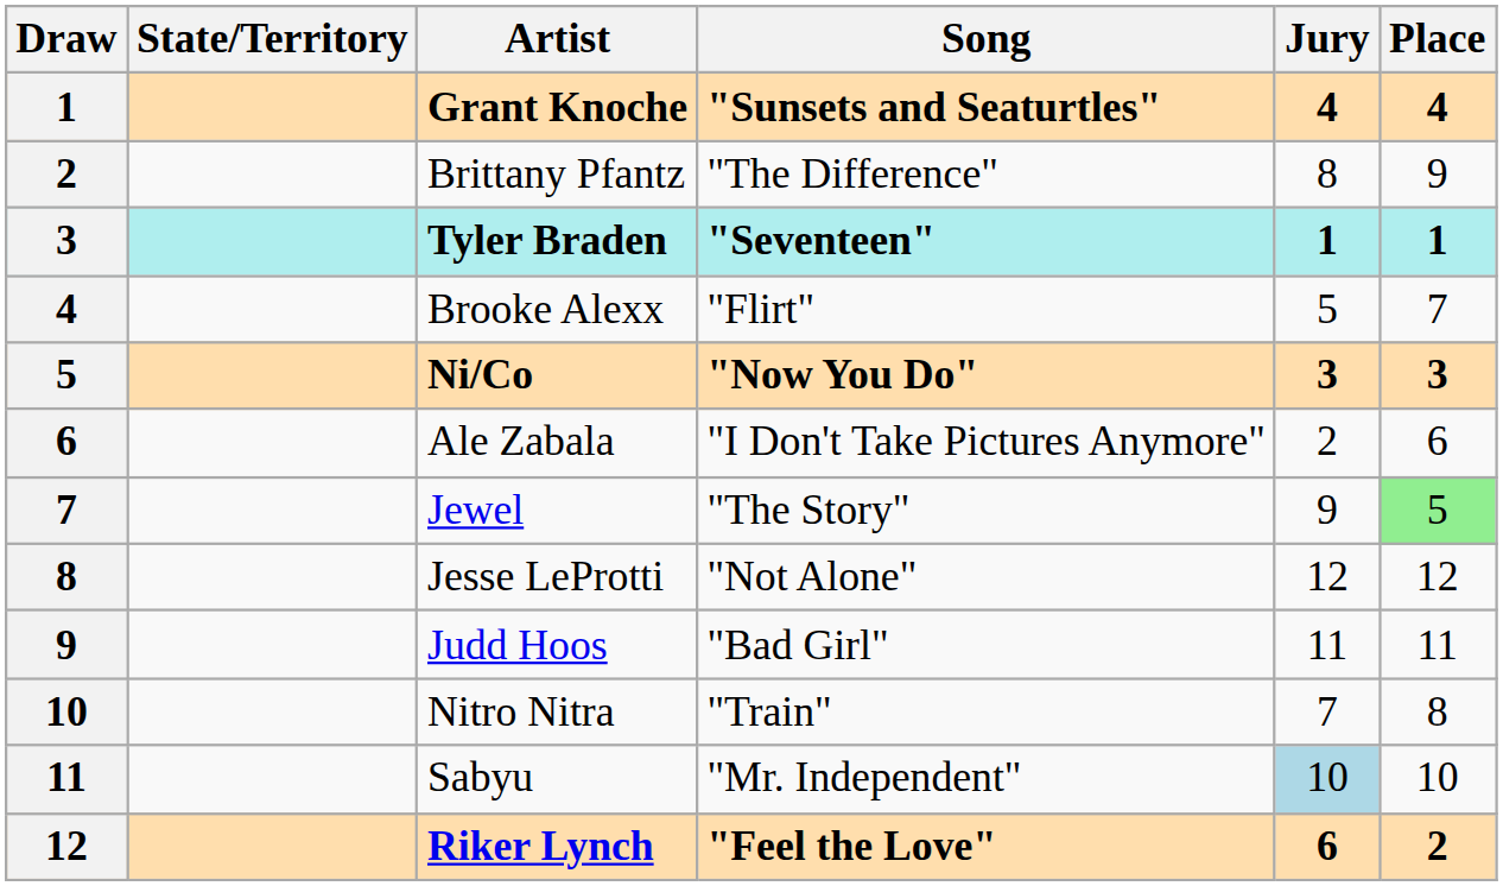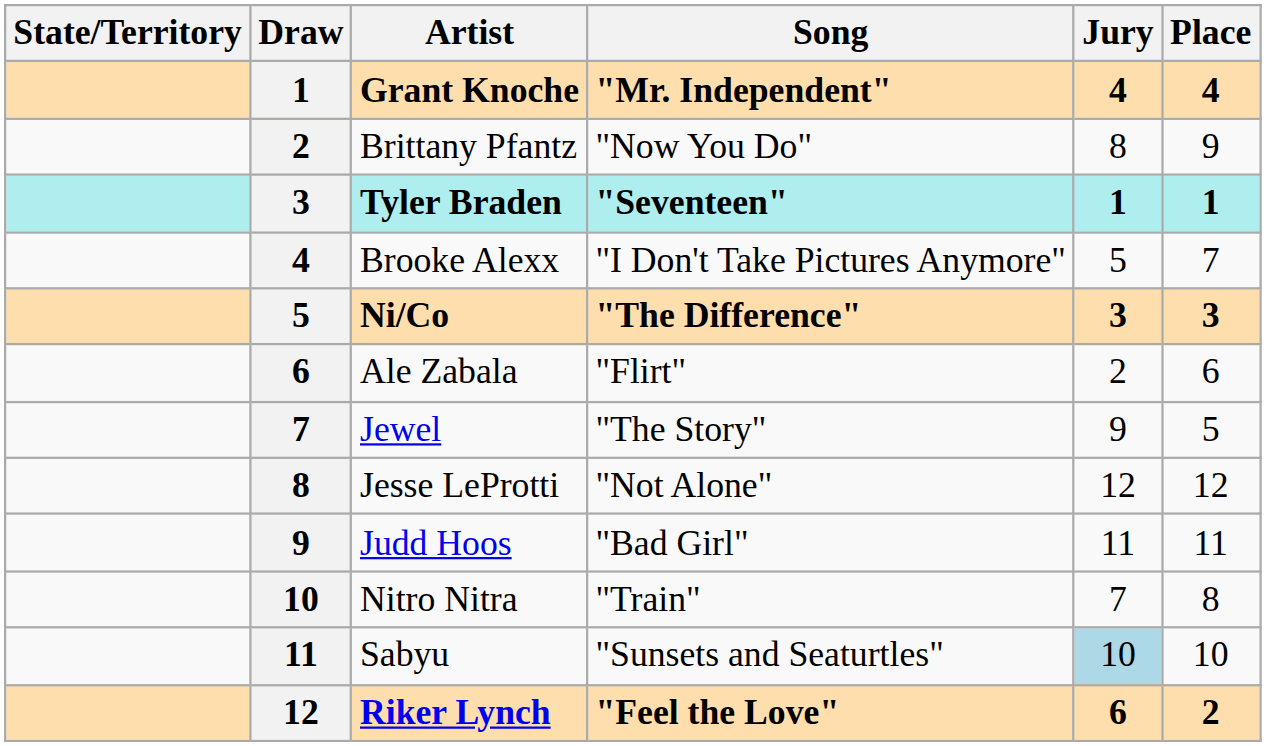 <table class="wikitable sortable plainrowheaders">
 <tr>
+<th scope="col">State/Territory</th>
 <th scope="col">Draw</th>
-<th scope="col">State/Territory</th>
 <th scope="col">Artist</th>
 <th scope="col">Song</th>
 <th scope="col">Jury</th>
 <th scope="col">Place</th>
 </tr>
 <tr style="font-weight:bold; background:navajowhite">
+<td></td>
 <th scope="row" style="text-align:center">1</th>
-<td></td>
 <td>Grant Knoche</td>
-<td>"Sunsets and Seaturtles"</td>
+<td>"Mr. Independent"</td>
 <td align="center">4</td>
 <td align="center">4</td>
 </tr>
 <tr>
+<td></td>
 <th scope="row" style="text-align:center">2</th>
-<td></td>
 <td>Brittany Pfantz</td>
-<td>"The Difference"</td>
+<td>"Now You Do"</td>
 <td align="center">8</td>
 <td align="center">9</td>
 </tr>
 <tr style="font-weight:bold; background:paleturquoise;">
+<td></td>
 <th scope="row" style="text-align:center">3</th>
-<td></td>
 <td>Tyler Braden</td>
 <td>"Seventeen"</td>
 <td align="center">1</td>
 <td align="center">1</td>
 </tr>
 <tr>
+<td></td>
 <th scope="row" style="text-align:center">4</th>
-<td></td>
 <td>Brooke Alexx</td>
-<td>"Flirt"</td>
+<td>"I Don't Take Pictures Anymore"</td>
 <td align="center">5</td>
 <td align="center">7</td>
 </tr>
 <tr style="font-weight:bold; background:navajowhite">
+<td></td>
 <th scope="row" style="text-align:center">5</th>
-<td></td>
 <td>Ni/Co</td>
-<td>"Now You Do"</td>
+<td>"The Difference"</td>
 <td align="center">3</td>
 <td align="center">3</td>
 </tr>
 <tr>
+<td></td>
 <th scope="row" style="text-align:center">6</th>
-<td></td>
 <td>Ale Zabala</td>
-<td>"I Don't Take Pictures Anymore"</td>
+<td>"Flirt"</td>
 <td align="center">2</td>
 <td align="center">6</td>
 </tr>
 <tr>
+<td></td>
 <th scope="row" style="text-align:center">7</th>
-<td></td>
 <td><a href='#'>Jewel</a></td>
 <td>"The Story"</td>
 <td align="center">9</td>
-<td align="center" style="background: lightgreen;">5</td>
+<td align="center">5</td>
 </tr>
 <tr>
+<td></td>
 <th scope="row" style="text-align:center">8</th>
-<td></td>
 <td>Jesse LeProtti</td>
 <td>"Not Alone"</td>
 <td align="center">12</td>
 <td align="center">12</td>
 </tr>
 <tr>
+<td></td>
 <th scope="row" style="text-align:center">9</th>
-<td></td>
 <td><a href='#'>Judd Hoos</a></td>
 <td>"Bad Girl"</td>
 <td align="center">11</td>
 <td align="center">11</td>
 </tr>
 <tr>
+<td></td>
 <th scope="row" style="text-align:center">10</th>
-<td></td>
 <td>Nitro Nitra</td>
 <td>"Train"</td>
 <td align="center">7</td>
 <td align="center">8</td>
 </tr>
 <tr>
+<td></td>
 <th scope="row" style="text-align:center">11</th>
-<td></td>
 <td>Sabyu</td>
-<td>"Mr. Independent"</td>
+<td>"Sunsets and Seaturtles"</td>
 <td align="center" style="background: lightblue;">10</td>
 <td align="center">10</td>
 </tr>
 <tr style="font-weight:bold; background:navajowhite">
+<td></td>
 <th scope="row" style="text-align:center">12</th>
-<td></td>
 <td><a href='#'>Riker Lynch</a></td>
 <td>"Feel the Love"</td>
 <td align="center">6</td>
 <td align="center">2</td>
 </tr>
 </table>
